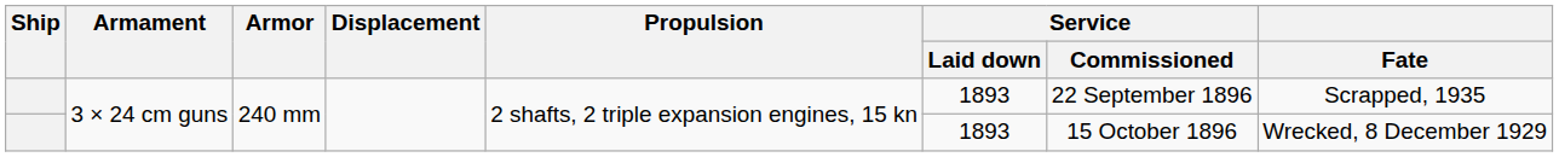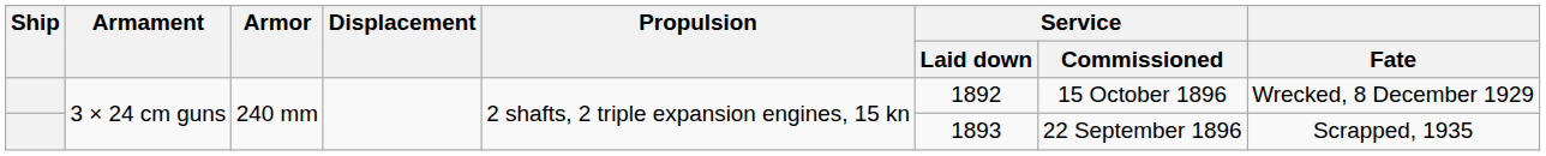 <table class="wikitable plainrowheaders" style="text-align: center;">
 <tr valign="top">
 <th scope="col" rowspan="2">Ship</th>
 <th scope="col" rowspan="2">Armament</th>
 <th scope="col" rowspan="2">Armor</th>
 <th scope="col" rowspan="2">Displacement</th>
 <th scope="col" rowspan="2">Propulsion</th>
 <th scope="col" colspan="2">Service</th>
 <th></th>
 </tr>
 <tr valign="top">
 <th scope="col">Laid down</th>
 <th scope="col">Commissioned</th>
 <th scope="col">Fate</th>
 </tr>
 <tr valign="center">
 <th scope="row"></th>
 <td rowspan="2">3 × 24 cm guns</td>
 <td rowspan="2">240 mm</td>
 <td rowspan="2"></td>
 <td rowspan="2">2 shafts, 2 triple expansion engines, 15 kn</td>
+<td>1892</td>
+<td>15 October 1896</td>
+<td>Wrecked, 8 December 1929</td>
+</tr>
+<tr valign="center">
+<th scope="row"></th>
 <td>1893</td>
 <td>22 September 1896</td>
 <td>Scrapped, 1935</td>
 </tr>
-<tr valign="center">
-<th scope="row"></th>
-<td>1893</td>
-<td>15 October 1896</td>
-<td>Wrecked, 8 December 1929</td>
-</tr>
 </table>
